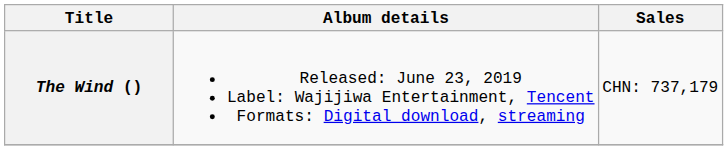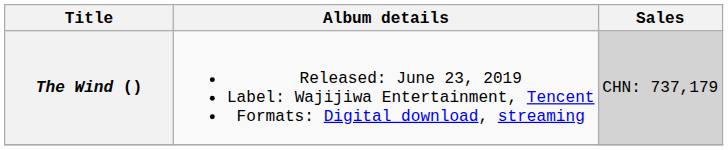 <table class="wikitable plainrowheaders" style="text-align:center;">
 <tr>
 <th scope="col" style="width:10em;">Title</th>
 <th scope="col">Album details</th>
 <th scope="col">Sales</th>
 </tr>
 <tr>
 <th scope="row"><em>The Wind </em>()</th>
 <td><br><ul><li>Released: June 23, 2019</li><li>Label: Wajijiwa Entertainment, <a href='#'>Tencent</a></li><li>Formats: <a href='#'>Digital download</a>, <a href='#'>streaming</a></li></ul></td>
-<td>CHN: 737,179</td>
+<td style="background: lightgrey;">CHN: 737,179</td>
 </tr>
 <tr>
 </tr>
 </table>
